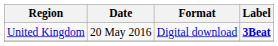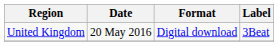 <table class=wikitable>
 <tr>
 <th>Region</th>
 <th>Date</th>
 <th>Format</th>
 <th>Label</th>
 </tr>
 <tr>
 <td><a href='#'>United Kingdom</a></td>
 <td>20 May 2016</td>
 <td><a href='#'>Digital download</a></td>
-<td><strong><a href='#'>3Beat</a></strong></td>
+<td><a href='#'>3Beat</a></td>
 </tr>
 <tr>
 </tr>
 </table>
